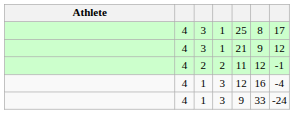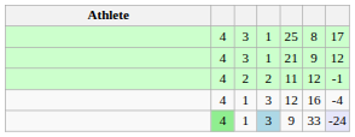 <table class="wikitable" style="text-align:center;">
 <tr>
 <th width=240>Athlete</th>
 <th width=20></th>
 <th width=20></th>
 <th width=20></th>
 <th width=20></th>
 <th width=20></th>
 <th width=20></th>
 </tr>
 <tr bgcolor=ccffcc>
 <td align="left"></td>
 <td>4</td>
 <td>3</td>
 <td>1</td>
 <td>25</td>
 <td>8</td>
 <td>17</td>
 </tr>
 <tr bgcolor=ccffcc>
 <td align="left"></td>
 <td>4</td>
 <td>3</td>
 <td>1</td>
 <td>21</td>
 <td>9</td>
 <td>12</td>
 </tr>
 <tr bgcolor=ccffcc>
 <td align="left"></td>
 <td>4</td>
 <td>2</td>
 <td>2</td>
 <td>11</td>
 <td>12</td>
 <td>-1</td>
 </tr>
 <tr>
 <td align="left"></td>
 <td>4</td>
 <td>1</td>
 <td>3</td>
 <td>12</td>
 <td>16</td>
 <td>-4</td>
 </tr>
 <tr>
 <td align="left"></td>
-<td>4</td>
+<td style="background: lightgreen;">4</td>
 <td>1</td>
-<td>3</td>
+<td style="background: lightblue;">3</td>
 <td>9</td>
 <td>33</td>
-<td>-24</td>
+<td style="background: lavender;">-24</td>
 </tr>
 </table>
